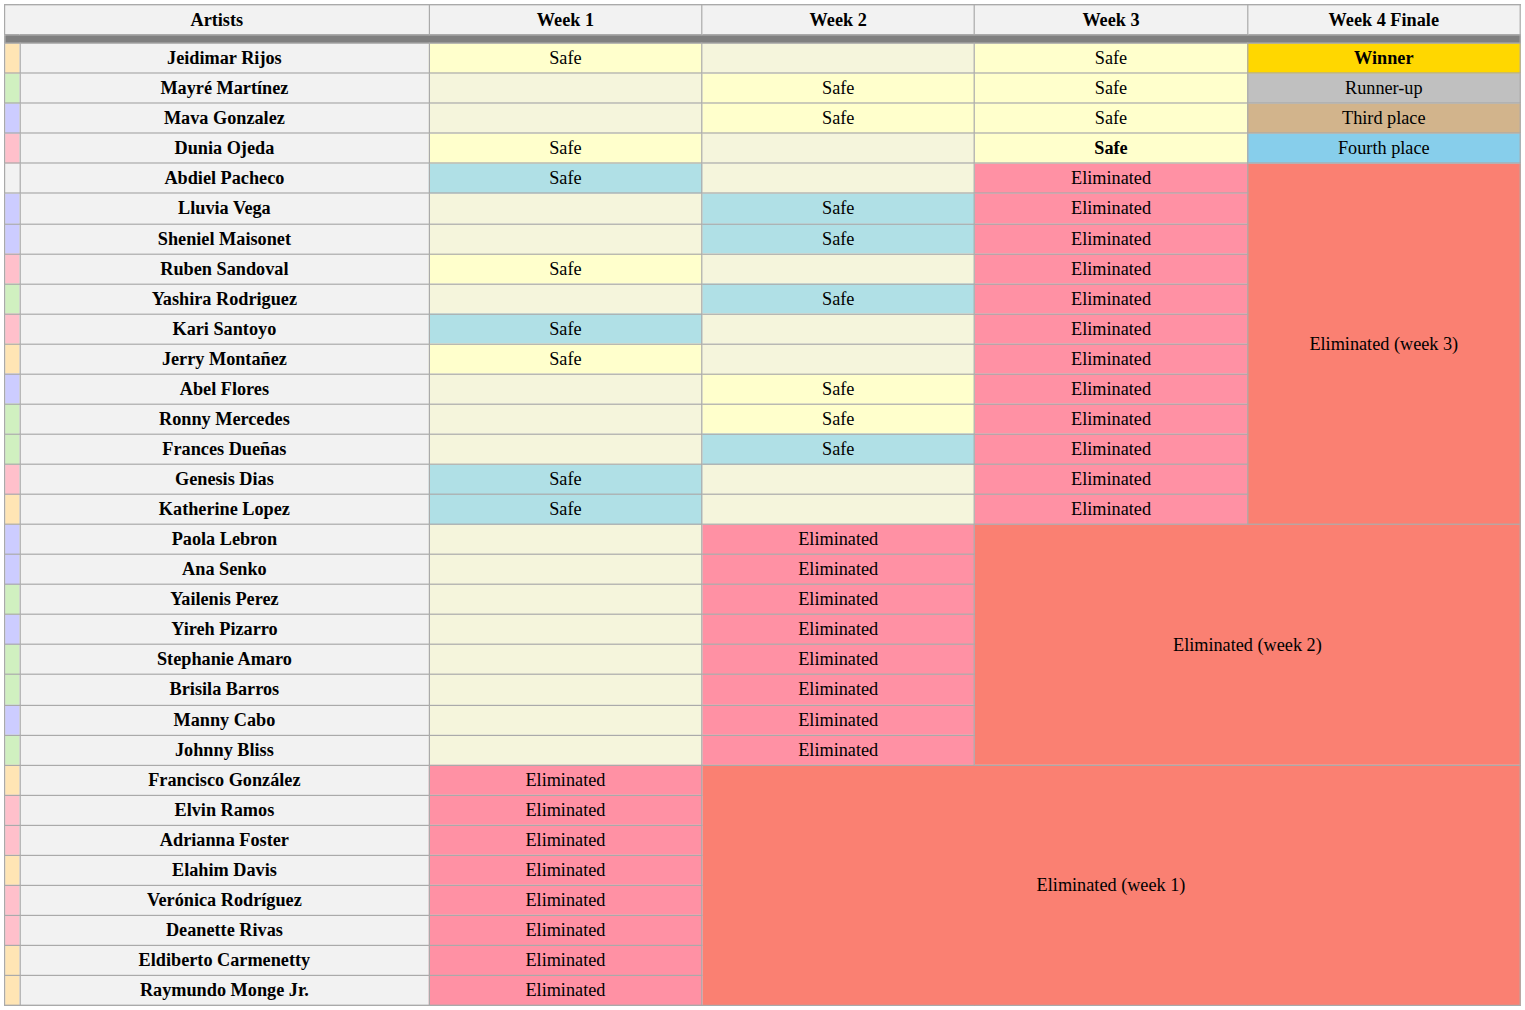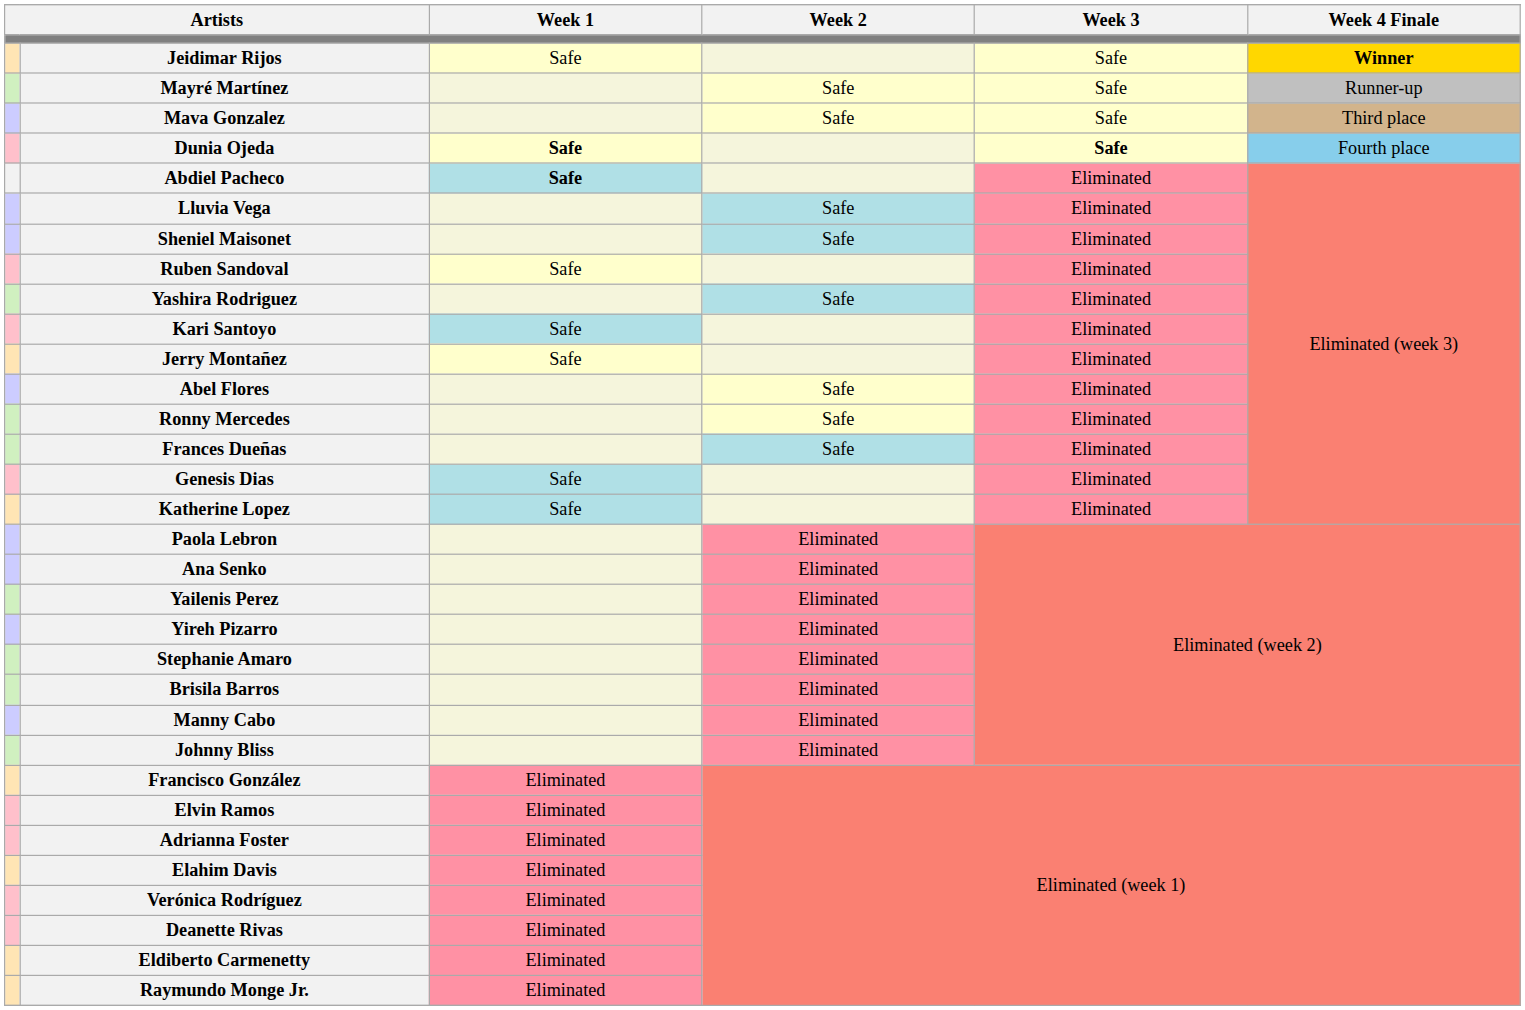 <table class="wikitable"  style="text-align:center; font-size:95%; width:100%;">
 <tr>
 </tr>
 <tr>
 <th colspan="2">Artists</th>
 <th style="width:18%;">Week 1</th>
 <th style="width:18%;">Week 2</th>
 <th style="width:18%;">Week 3</th>
 <th style="width:18%;">Week 4 Finale</th>
 </tr>
 <tr>
 <th colspan="13" style="background:gray;"></th>
 </tr>
 <tr>
 <th style="background:#ffe5b4;"></th>
 <th>Jeidimar Rijos</th>
 <td style="background:#FFFFCC;">Safe</td>
 <td style="background:#F5F5DC;"></td>
 <td style="background:#FFFFCC;">Safe</td>
 <td style="background:gold;"><strong>Winner</strong></td>
 </tr>
 <tr>
 <th style="background:#d0f0c0;"></th>
 <th>Mayré Martínez</th>
 <td style="background:#F5F5DC;"></td>
 <td style="background:#FFFFCC;">Safe</td>
 <td style="background:#FFFFCC;">Safe</td>
 <td style="background:silver;">Runner-up</td>
 </tr>
 <tr>
 <th style="background:#ccf;"></th>
 <th>Mava Gonzalez</th>
 <td style="background:#F5F5DC;"></td>
 <td style="background:#FFFFCC;">Safe</td>
 <td style="background:#FFFFCC;">Safe</td>
 <td style="background:tan;">Third place</td>
 </tr>
 <tr>
 <th style="background:pink;"></th>
 <th>Dunia Ojeda</th>
-<td style="background:#FFFFCC;">Safe</td>
+<td style="background:#FFFFCC;"><strong>Safe</strong></td>
 <td style="background:#F5F5DC;"></td>
 <td style="background:#FFFFCC;"><strong>Safe</strong></td>
 <td style="background:skyblue;">Fourth place</td>
 </tr>
 <tr>
 <th style="width:1%;" style="background:#ffe5b4;"></th>
 <th>Abdiel Pacheco</th>
-<td style="background:#b0e0e6;">Safe</td>
+<td style="background:#b0e0e6;"><strong>Safe</strong></td>
 <td style="background:#F5F5DC;"></td>
 <td style="background:#FF91A4;">Eliminated</td>
 <td colspan="1" rowspan="12" style="background:salmon;">Eliminated (week 3)</td>
 </tr>
 <tr>
 <td style="background:#ccf;"></td>
 <th>Lluvia Vega</th>
 <td style="background:#F5F5DC;"></td>
 <td style="background:#b0e0e6;">Safe</td>
 <td style="background:#FF91A4;">Eliminated</td>
 </tr>
 <tr>
 <th style="background:#ccf;"></th>
 <th>Sheniel Maisonet</th>
 <td style="background:#F5F5DC;"></td>
 <td style="background:#b0e0e6;">Safe</td>
 <td style="background:#FF91A4;">Eliminated</td>
 </tr>
 <tr>
 <th style="background:pink;"></th>
 <th>Ruben Sandoval</th>
 <td style="background:#FFFFCC;">Safe</td>
 <td style="background:#F5F5DC;"></td>
 <td style="background:#FF91A4;">Eliminated</td>
 </tr>
 <tr>
 <th style="background:#d0f0c0;"></th>
 <th>Yashira Rodriguez</th>
 <td style="background:#F5F5DC;"></td>
 <td style="background:#b0e0e6;">Safe</td>
 <td style="background:#FF91A4;">Eliminated</td>
 </tr>
 <tr>
 <td style="background:pink;"></td>
 <th>Kari Santoyo</th>
 <td style="background:#b0e0e6;">Safe</td>
 <td style="background:#F5F5DC;"></td>
 <td style="background:#FF91A4;">Eliminated</td>
 </tr>
 <tr>
 <th style="background:#ffe5b4;"></th>
 <th>Jerry Montañez</th>
 <td style="background:#FFFFCC;">Safe</td>
 <td style="background:#F5F5DC;"></td>
 <td style="background:#FF91A4;">Eliminated</td>
 </tr>
 <tr>
 <th style="background:#ccf;"></th>
 <th>Abel Flores</th>
 <td style="background:#F5F5DC;"></td>
 <td style="background:#FFFFCC;">Safe</td>
 <td style="background:#FF91A4;">Eliminated</td>
 </tr>
 <tr>
 <th style="background:#d0f0c0;"></th>
 <th>Ronny Mercedes</th>
 <td style="background:#F5F5DC;"></td>
 <td style="background:#FFFFCC;">Safe</td>
 <td style="background:#FF91A4;">Eliminated</td>
 </tr>
 <tr>
 <th style="background:#d0f0c0;"></th>
 <th>Frances Dueñas</th>
 <td style="background:#F5F5DC;"></td>
 <td style="background:#b0e0e6;">Safe</td>
 <td style="background:#FF91A4;">Eliminated</td>
 </tr>
 <tr>
 <th style="background:pink;"></th>
 <th>Genesis Dias</th>
 <td style="background:#b0e0e6;">Safe</td>
 <td style="background:#F5F5DC;"></td>
 <td style="background:#FF91A4;">Eliminated</td>
 </tr>
 <tr>
 <th style="background:#ffe5b4;"></th>
 <th>Katherine Lopez</th>
 <td style="background:#b0e0e6;">Safe</td>
 <td style="background:#F5F5DC;"></td>
 <td style="background:#FF91A4;">Eliminated</td>
 </tr>
 <tr>
 <th style="background:#ccf;"></th>
 <th>Paola Lebron</th>
 <td style="background:#F5F5DC;"></td>
 <td style="background:#FF91A4;">Eliminated</td>
 <td colspan="3" rowspan="8" style="background:salmon;">Eliminated (week 2)</td>
 </tr>
 <tr>
 <th style="background:#ccf;"></th>
 <th>Ana Senko</th>
 <td style="background:#F5F5DC;"></td>
 <td style="background:#FF91A4;">Eliminated</td>
 </tr>
 <tr>
 <th style="background:#d0f0c0;"></th>
 <th>Yailenis Perez</th>
 <td style="background:#F5F5DC;"></td>
 <td style="background:#FF91A4;">Eliminated</td>
 </tr>
 <tr>
 <th style="background:#ccf;"></th>
 <th>Yireh Pizarro</th>
 <td style="background:#F5F5DC;"></td>
 <td style="background:#FF91A4;">Eliminated</td>
 </tr>
 <tr>
 <th style="background:#d0f0c0;"></th>
 <th>Stephanie Amaro</th>
 <td style="background:#F5F5DC;"></td>
 <td style="background:#FF91A4;">Eliminated</td>
 </tr>
 <tr>
 <th style="background:#d0f0c0;"></th>
 <th>Brisila Barros</th>
 <td style="background:#F5F5DC;"></td>
 <td style="background:#FF91A4;">Eliminated</td>
 </tr>
 <tr>
 <th style="background:#ccf;"></th>
 <th>Manny Cabo</th>
 <td style="background:#F5F5DC;"></td>
 <td style="background:#FF91A4;">Eliminated</td>
 </tr>
 <tr>
 <th style="background:#d0f0c0;"></th>
 <th>Johnny Bliss</th>
 <td style="background:#F5F5DC;"></td>
 <td style="background:#FF91A4;">Eliminated</td>
 </tr>
 <tr>
 <th style="background:#ffe5b4;"></th>
 <th>Francisco González</th>
 <td style="background:#FF91A4">Eliminated</td>
 <td colspan="11" rowspan="9" style="background:salmon;">Eliminated (week 1)</td>
 </tr>
 <tr>
 <th style="background:pink;"></th>
 <th>Elvin Ramos</th>
 <td style="background:#FF91A4">Eliminated</td>
 </tr>
 <tr>
 <th style="background:pink;"></th>
 <th>Adrianna Foster</th>
 <td style="background:#FF91A4">Eliminated</td>
 </tr>
 <tr>
 <th style="background:#ffe5b4;"></th>
 <th>Elahim Davis</th>
 <td style="background:#FF91A4">Eliminated</td>
 </tr>
 <tr>
 <th style="background:pink;"></th>
 <th>Verónica Rodríguez</th>
 <td style="background:#FF91A4">Eliminated</td>
 </tr>
 <tr>
 <th style="background:pink;"></th>
 <th>Deanette Rivas</th>
 <td style="background:#FF91A4">Eliminated</td>
 </tr>
 <tr>
 <th style="background:#ffe5b4;"></th>
 <th>Eldiberto Carmenetty</th>
 <td style="background:#FF91A4">Eliminated</td>
 </tr>
 <tr>
 <th style="background:#ffe5b4;"></th>
 <th>Raymundo Monge Jr.</th>
 <td style="background:#FF91A4">Eliminated</td>
 </tr>
 <tr>
 </tr>
 </table>
